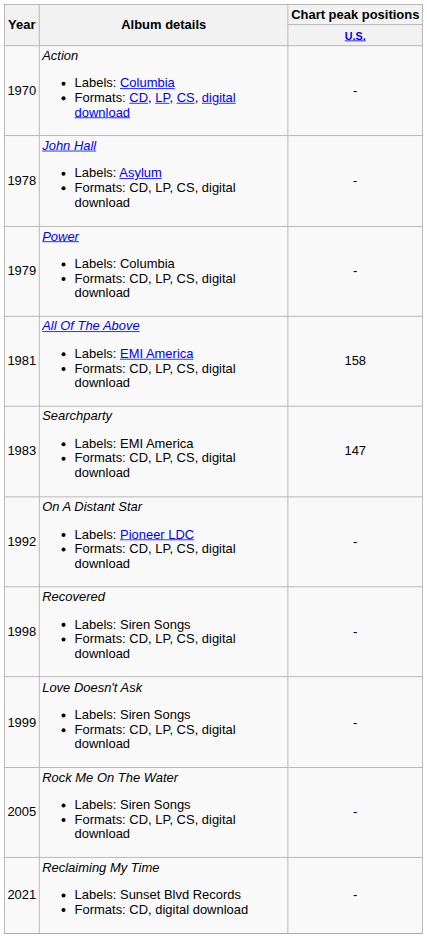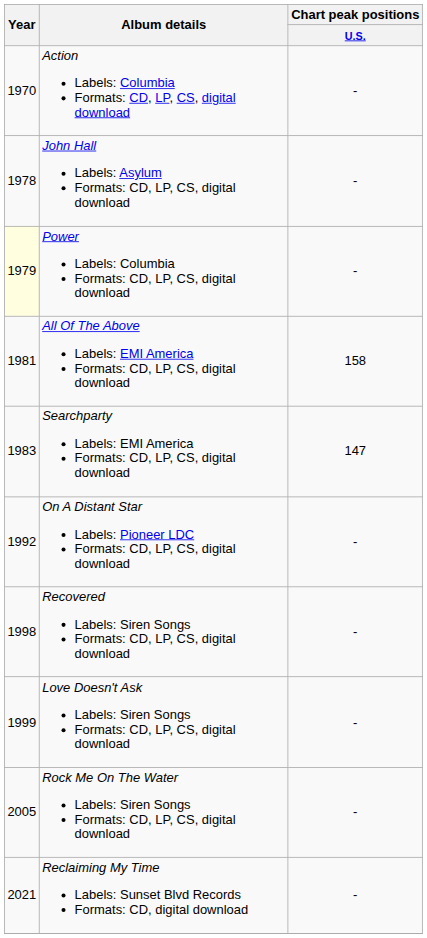 <table class="wikitable" border="1">
 <tr>
 <th rowspan="2">Year</th>
 <th rowspan="2" width="300">Album details</th>
 <th colspan="2">Chart peak positions</th>
 </tr>
 <tr>
 <th><small><a href='#'>U.S.</a></small></th>
 </tr>
 <tr>
 <td>1970</td>
 <td><em>Action</em><br><ul><li>Labels: <a href='#'>Columbia</a></li><li>Formats: <a href='#'>CD</a>, <a href='#'>LP</a>, <a href='#'>CS</a>, <a href='#'>digital download</a></li></ul></td>
 <td align="center">-</td>
 </tr>
 <tr>
 <td>1978</td>
 <td><em><a href='#'>John Hall</a></em><br><ul><li>Labels: <a href='#'>Asylum</a></li><li>Formats: CD, LP, CS, digital download</li></ul></td>
 <td align="center">-</td>
 </tr>
 <tr>
-<td>1979</td>
+<td style="background: lightyellow;">1979</td>
 <td><em><a href='#'>Power</a></em><br><ul><li>Labels: Columbia</li><li>Formats: CD, LP, CS, digital download</li></ul></td>
 <td align="center">-</td>
 </tr>
 <tr>
 <td>1981</td>
 <td><em><a href='#'>All Of The Above</a></em><br><ul><li>Labels: <a href='#'>EMI America</a></li><li>Formats: CD, LP, CS, digital download</li></ul></td>
 <td align="center">158</td>
 </tr>
 <tr>
 <td>1983</td>
 <td><em>Searchparty</em><br><ul><li>Labels: EMI America</li><li>Formats: CD, LP, CS, digital download</li></ul></td>
 <td align="center">147</td>
 </tr>
 <tr>
 <td>1992</td>
 <td><em>On A Distant Star</em><br><ul><li>Labels: <a href='#'>Pioneer LDC</a></li><li>Formats: CD, LP, CS, digital download</li></ul></td>
 <td align="center">-</td>
 </tr>
 <tr>
 <td>1998</td>
 <td><em>Recovered</em><br><ul><li>Labels: Siren Songs</li><li>Formats: CD, LP, CS, digital download</li></ul></td>
 <td align="center">-</td>
 </tr>
 <tr>
 <td>1999</td>
 <td><em>Love Doesn't Ask</em><br><ul><li>Labels: Siren Songs</li><li>Formats: CD, LP, CS, digital download</li></ul></td>
 <td align="center">-</td>
 </tr>
 <tr>
 <td>2005</td>
 <td><em>Rock Me On The Water</em><br><ul><li>Labels: Siren Songs</li><li>Formats: CD, LP, CS, digital download</li></ul></td>
 <td align="center">-</td>
 </tr>
 <tr>
 <td>2021</td>
 <td><em>Reclaiming My Time</em><br><ul><li>Labels: Sunset Blvd Records</li><li>Formats: CD, digital download</li></ul></td>
 <td align="center">-</td>
 </tr>
 <tr>
 </tr>
 </table>
